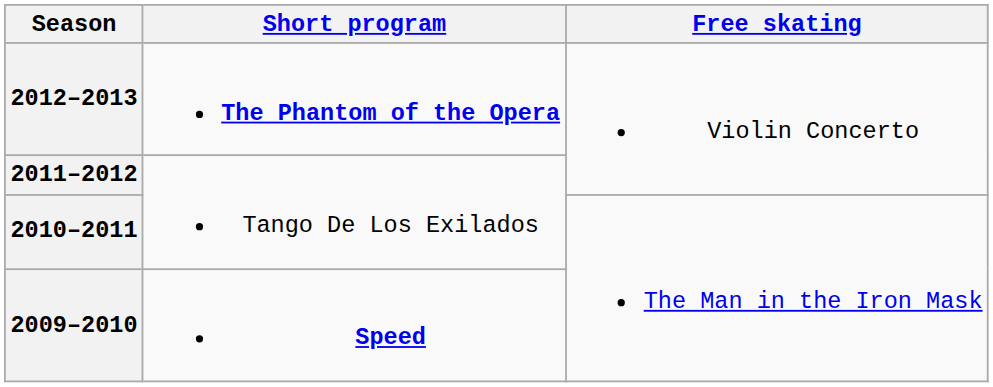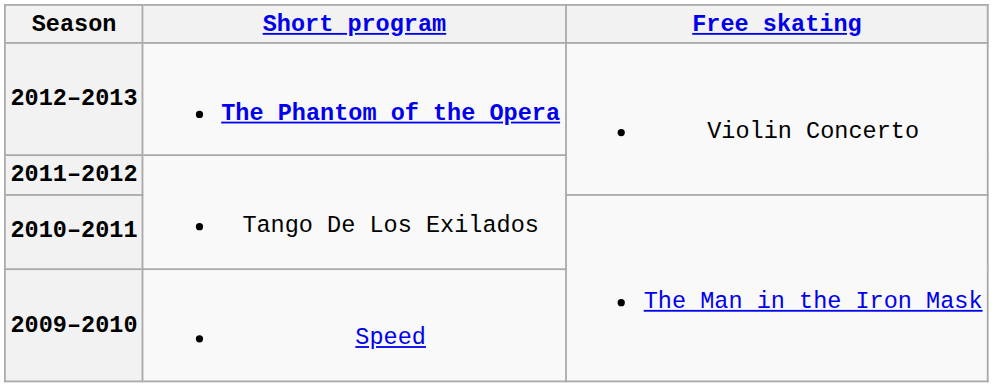 <table class=wikitable style=text-align:center>
 <tr>
 <th>Season</th>
 <th><a href='#'>Short program</a></th>
 <th><a href='#'>Free skating</a></th>
 </tr>
 <tr>
 <th>2012–2013</th>
 <td><strong><br><ul><li><a href='#'>The Phantom of the Opera</a> <br></li></ul></strong></td>
 <td rowspan=2><br><ul><li>Violin Concerto <br></li></ul></td>
 </tr>
 <tr>
 <th>2011–2012 <br> </th>
 <td rowspan=2><br><ul><li>Tango De Los Exilados <br></li></ul></td>
 </tr>
 <tr>
 <th>2010–2011 <br> </th>
 <td rowspan=2><br><ul><li><a href='#'>The Man in the Iron Mask</a> <br></li></ul></td>
 </tr>
 <tr>
 <th>2009–2010 <br> </th>
-<td><strong><br><ul><li><a href='#'>Speed</a> <br></li></ul></strong></td>
+<td><br><ul><li><a href='#'>Speed</a> <br></li></ul></td>
 </tr>
 </table>
